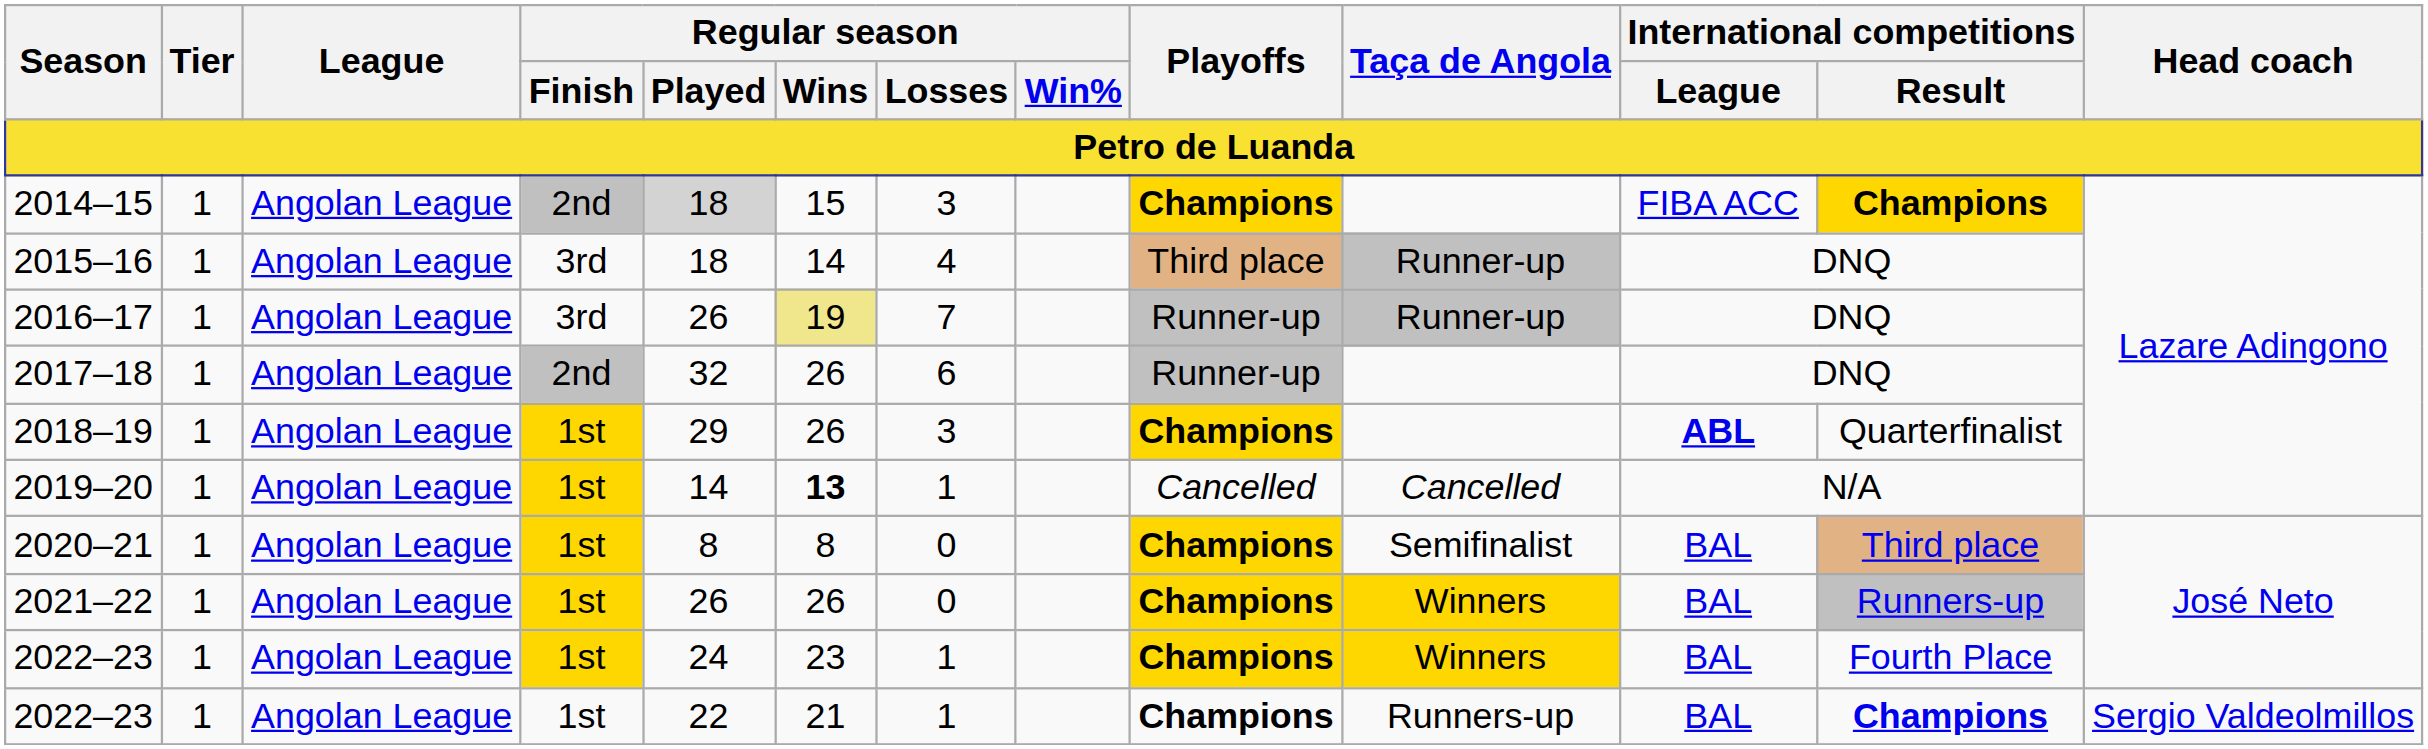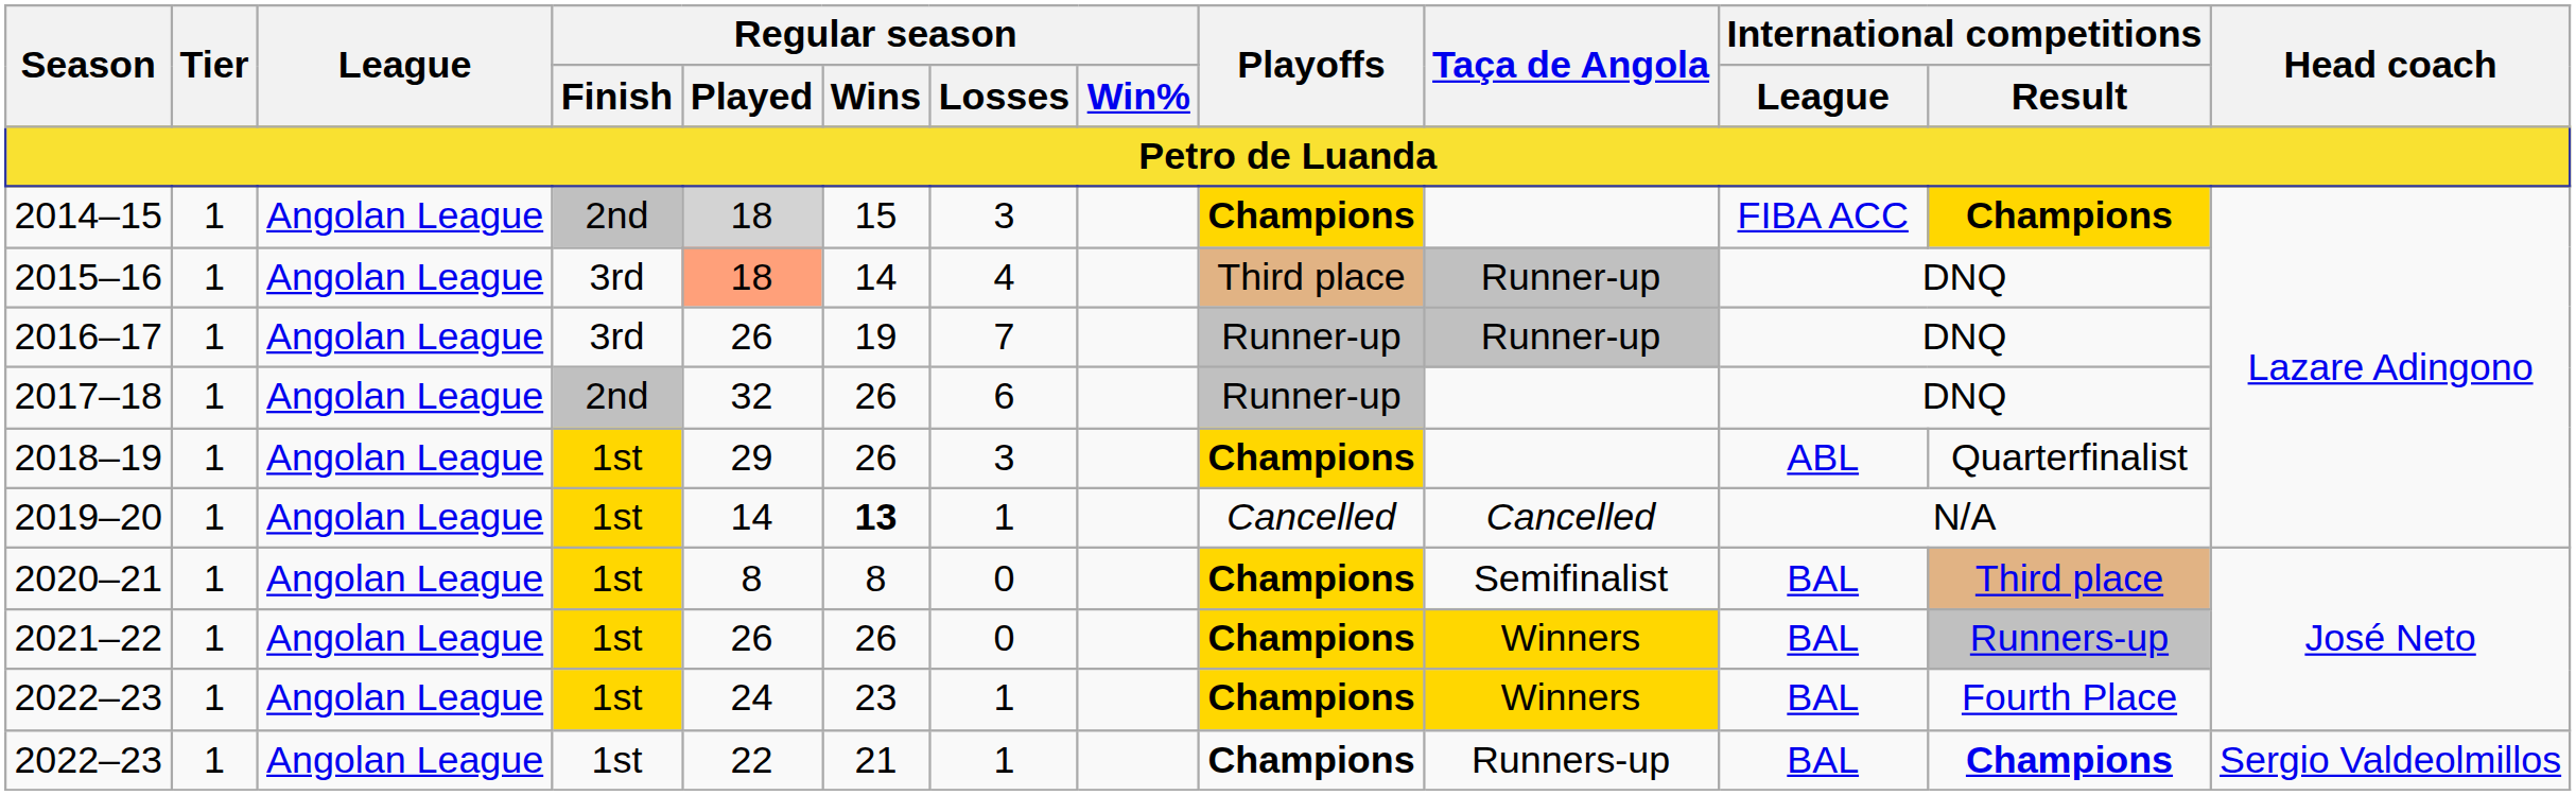 <table class="wikitable plainrowheaders" style="text-align:center; font-size:100%" summary="Season (sortable), Team, Conference, Conference finish (sortable), Division, Division finish (sortable), Wins (sortable), Losses (sortable), Win% (sortable), GB (sortable), Playoffs, Awards and Head coach">
 <tr>
 <th scope="col" rowspan=2>Season</th>
 <th scope="col" rowspan=2>Tier</th>
 <th scope="col" rowspan=2>League</th>
 <th scope="col" colspan=5>Regular season</th>
 <th scope="col" rowspan=2>Playoffs</th>
 <th scope="col" rowspan=2><a href='#'>Taça de Angola</a></th>
 <th scope="col" colspan=2>International competitions</th>
 <th scope="col" rowspan=2>Head coach</th>
 </tr>
 <tr>
 <th scope="col">Finish</th>
 <th scope="col">Played</th>
 <th scope="col">Wins</th>
 <th scope="col">Losses</th>
 <th scope="col"><a href='#'>Win%</a></th>
 <th scope="col">League</th>
 <th scope="col">Result</th>
 </tr>
 <tr class="sortbottom">
 <td colspan="14" class=unsortable align=center style="border:1.5px solid #2f369f; background-color:#f9e131"><span><strong>Petro de Luanda</strong></span></td>
 </tr>
 <tr>
 <td>2014–15</td>
 <td>1</td>
 <td><a href='#'>Angolan League</a></td>
 <td bgcolor=silver>2nd</td>
 <td style="background: lightgrey;">18</td>
 <td>15</td>
 <td>3</td>
 <td></td>
 <td bgcolor=gold><strong>Champions</strong></td>
 <td></td>
 <td><a href='#'>FIBA ACC</a></td>
 <td bgcolor=gold><strong>Champions</strong></td>
 <td rowspan=6><a href='#'>Lazare Adingono</a></td>
 </tr>
 <tr>
 <td>2015–16</td>
 <td>1</td>
 <td><a href='#'>Angolan League</a></td>
 <td>3rd</td>
-<td>18</td>
+<td style="background: lightsalmon;">18</td>
 <td>14</td>
 <td>4</td>
 <td></td>
 <td bgcolor=#e1b384>Third place</td>
 <td bgcolor=silver>Runner-up</td>
 <td colspan=2>DNQ</td>
 </tr>
 <tr>
 <td>2016–17</td>
 <td>1</td>
 <td><a href='#'>Angolan League</a></td>
 <td>3rd</td>
 <td>26</td>
-<td style="background: khaki;">19</td>
+<td>19</td>
 <td>7</td>
 <td></td>
 <td bgcolor=silver>Runner-up</td>
 <td bgcolor=silver>Runner-up</td>
 <td colspan=2>DNQ</td>
 </tr>
 <tr>
 <td>2017–18</td>
 <td>1</td>
 <td><a href='#'>Angolan League</a></td>
 <td bgcolor=silver>2nd</td>
 <td>32</td>
 <td>26</td>
 <td>6</td>
 <td></td>
 <td bgcolor=silver>Runner-up</td>
 <td></td>
 <td colspan=2>DNQ</td>
 </tr>
 <tr>
 <td>2018–19</td>
 <td>1</td>
 <td><a href='#'>Angolan League</a></td>
 <td bgcolor=gold>1st</td>
 <td>29</td>
 <td>26</td>
 <td>3</td>
 <td></td>
 <td bgcolor=gold><strong>Champions</strong></td>
 <td></td>
-<td><strong><a href='#'>ABL</a></strong></td>
+<td><a href='#'>ABL</a></td>
 <td>Quarterfinalist</td>
 </tr>
 <tr>
 <td>2019–20</td>
 <td>1</td>
 <td><a href='#'>Angolan League</a></td>
 <td bgcolor=gold>1st</td>
 <td>14</td>
 <td><strong>13</strong></td>
 <td>1</td>
 <td></td>
 <td><em>Cancelled</em></td>
 <td><em>Cancelled</em></td>
 <td colspan=2>N/A</td>
 </tr>
 <tr>
 <td>2020–21</td>
 <td>1</td>
 <td><a href='#'>Angolan League</a></td>
 <td bgcolor=gold>1st</td>
 <td>8</td>
 <td>8</td>
 <td>0</td>
 <td></td>
 <td bgcolor=gold><strong>Champions</strong></td>
 <td>Semifinalist</td>
 <td><a href='#'>BAL</a></td>
 <td bgcolor=#e1b384><a href='#'>Third place</a></td>
 <td rowspan="3"><a href='#'>José Neto</a></td>
 </tr>
 <tr>
 <td>2021–22</td>
 <td>1</td>
 <td><a href='#'>Angolan League</a></td>
 <td bgcolor=gold>1st</td>
 <td>26</td>
 <td>26</td>
 <td>0</td>
 <td></td>
 <td bgcolor=gold><strong>Champions</strong></td>
 <td bgcolor=gold>Winners</td>
 <td><a href='#'>BAL</a></td>
 <td bgcolor=silver><a href='#'>Runners-up</a></td>
 </tr>
 <tr>
 <td>2022–23</td>
 <td>1</td>
 <td><a href='#'>Angolan League</a></td>
 <td bgcolor=gold>1st</td>
 <td>24</td>
 <td>23</td>
 <td>1</td>
 <td></td>
 <td bgcolor=gold><strong>Champions</strong></td>
 <td bgcolor=gold>Winners</td>
 <td><a href='#'>BAL</a></td>
 <td><a href='#'>Fourth Place</a></td>
 </tr>
 <tr>
 <td>2022–23</td>
 <td>1</td>
 <td><a href='#'>Angolan League</a></td>
 <td>1st</td>
 <td>22</td>
 <td>21</td>
 <td>1</td>
 <td></td>
 <td><strong>Champions</strong></td>
 <td>Runners-up</td>
 <td><a href='#'>BAL</a></td>
 <td><a href='#'><strong>Champions</strong></a></td>
 <td><a href='#'>Sergio Valdeolmillos</a></td>
 </tr>
 </table>
